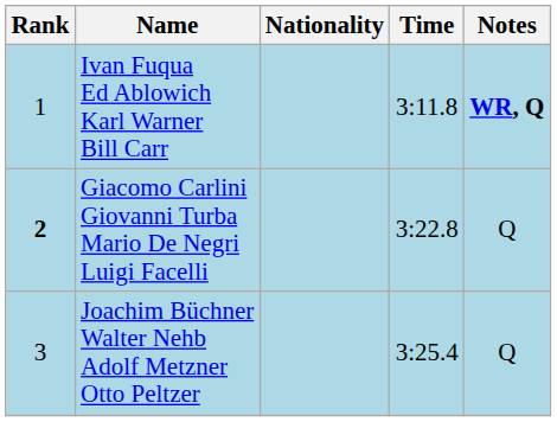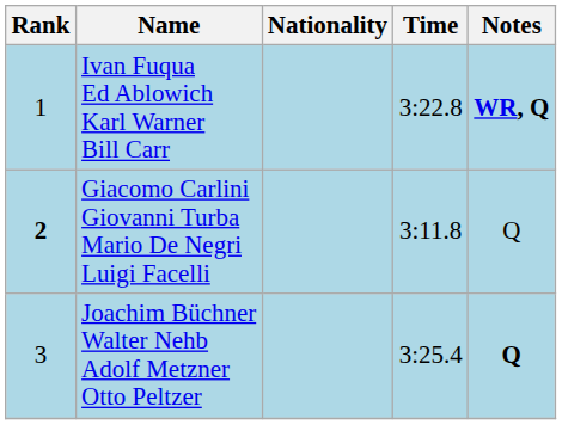 <table class="wikitable sortable" style="text-align:center">
 <tr>
 <th>Rank</th>
 <th>Name</th>
 <th>Nationality</th>
 <th>Time</th>
 <th>Notes</th>
 </tr>
 <tr bgcolor=lightblue>
 <td>1</td>
 <td align=left><a href='#'>Ivan Fuqua</a><br><a href='#'>Ed Ablowich</a><br><a href='#'>Karl Warner</a><br><a href='#'>Bill Carr</a></td>
 <td align=left></td>
-<td>3:11.8</td>
+<td>3:22.8</td>
 <td><strong><a href='#'>WR</a>, Q</strong></td>
 </tr>
 <tr bgcolor=lightblue>
 <td><strong>2</strong></td>
 <td align=left><a href='#'>Giacomo Carlini</a><br><a href='#'>Giovanni Turba</a><br><a href='#'>Mario De Negri</a><br><a href='#'>Luigi Facelli</a></td>
 <td align=left></td>
-<td>3:22.8</td>
+<td>3:11.8</td>
 <td>Q</td>
 </tr>
 <tr bgcolor=lightblue>
 <td>3</td>
 <td align=left><a href='#'>Joachim Büchner</a><br><a href='#'>Walter Nehb</a><br><a href='#'>Adolf Metzner</a><br><a href='#'>Otto Peltzer</a></td>
 <td align=left></td>
 <td>3:25.4</td>
-<td>Q</td>
+<td><strong>Q</strong></td>
 </tr>
 <tr>
 </tr>
 </table>
